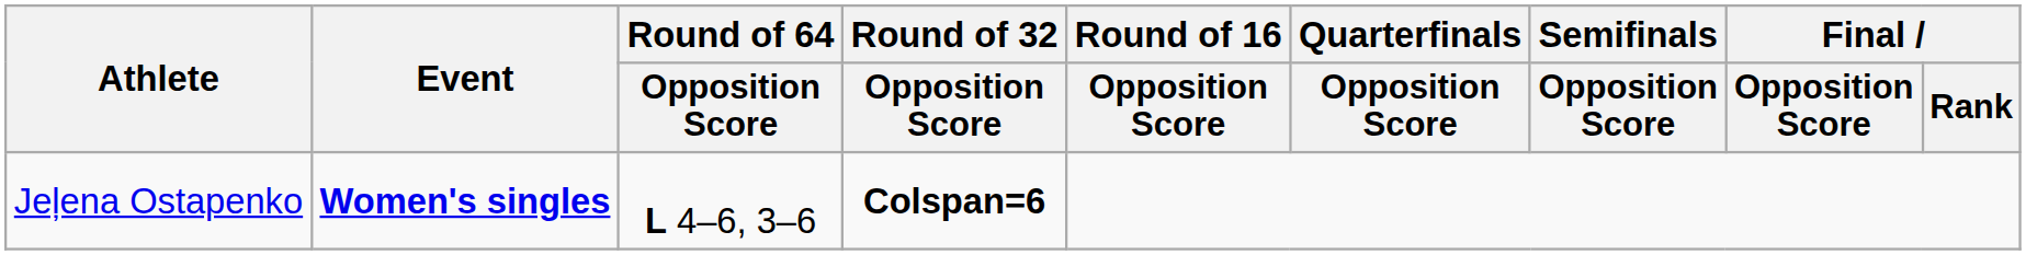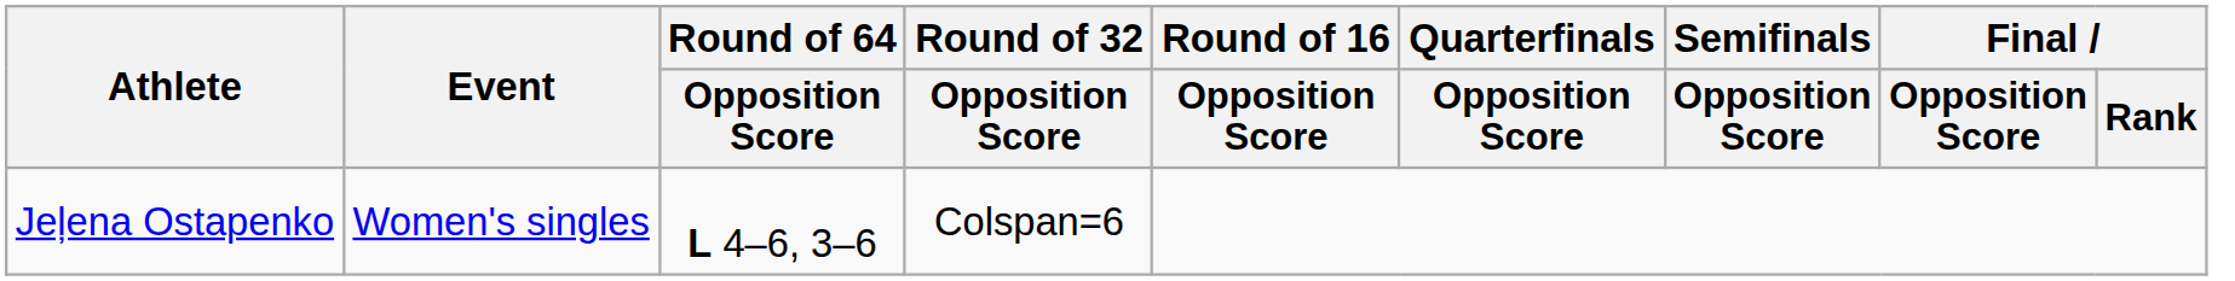 <table class=wikitable style="text-align:center; font-size:90%">
 <tr>
 <th rowspan="2">Athlete</th>
 <th rowspan="2">Event</th>
 <th>Round of 64</th>
 <th>Round of 32</th>
 <th>Round of 16</th>
 <th>Quarterfinals</th>
 <th>Semifinals</th>
 <th colspan=2>Final / </th>
 </tr>
 <tr style="font-size:95%">
 <th>Opposition<br>Score</th>
 <th>Opposition<br>Score</th>
 <th>Opposition<br>Score</th>
 <th>Opposition<br>Score</th>
 <th>Opposition<br>Score</th>
 <th>Opposition<br>Score</th>
 <th>Rank</th>
 </tr>
 <tr>
 <td align=left><a href='#'>Jeļena Ostapenko</a></td>
-<td align=left><strong><a href='#'>Women's singles</a></strong></td>
+<td align=left><a href='#'>Women's singles</a></td>
 <td><br><strong>L</strong> 4–6, 3–6</td>
-<td><strong>Colspan=6</strong></td>
+<td>Colspan=6</td>
 </tr>
 </table>
